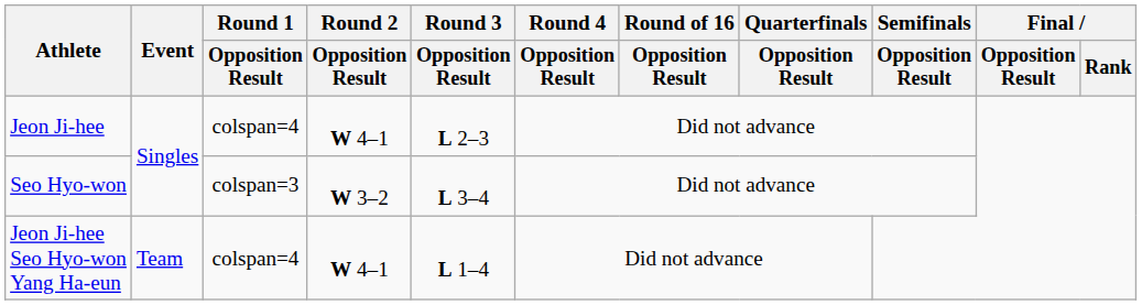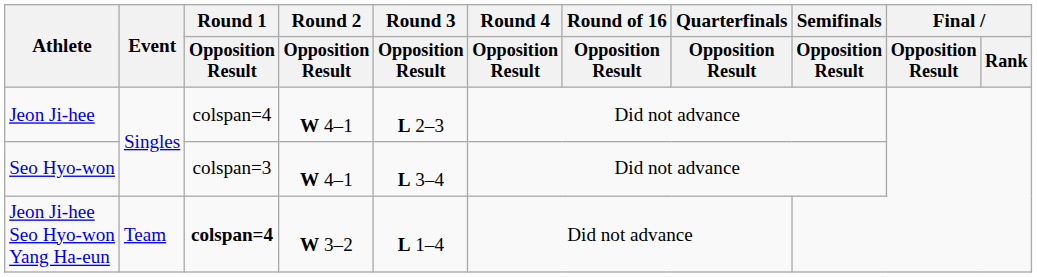 <table class="wikitable" style="font-size:90%;">
 <tr>
 <th rowspan=2>Athlete</th>
 <th rowspan=2>Event</th>
 <th>Round 1</th>
 <th>Round 2</th>
 <th>Round 3</th>
 <th>Round 4</th>
 <th>Round of 16</th>
 <th>Quarterfinals</th>
 <th>Semifinals</th>
 <th colspan=2>Final / </th>
 </tr>
 <tr style="font-size:95%">
 <th>Opposition<br>Result</th>
 <th>Opposition<br>Result</th>
 <th>Opposition<br>Result</th>
 <th>Opposition<br>Result</th>
 <th>Opposition<br>Result</th>
 <th>Opposition<br>Result</th>
 <th>Opposition<br>Result</th>
 <th>Opposition<br>Result</th>
 <th>Rank</th>
 </tr>
 <tr align=center>
 <td align=left><a href='#'>Jeon Ji-hee</a></td>
 <td align=left rowspan=2><a href='#'>Singles</a></td>
 <td>colspan=4 </td>
 <td><br><strong>W</strong> 4–1</td>
 <td><br><strong>L</strong> 2–3</td>
 <td colspan=4>Did not advance</td>
 </tr>
 <tr align=center>
 <td align=left><a href='#'>Seo Hyo-won</a></td>
 <td>colspan=3 </td>
-<td><br><strong>W</strong> 3–2</td>
+<td><br><strong>W</strong> 4–1</td>
 <td><br><strong>L</strong> 3–4</td>
 <td colspan=4>Did not advance</td>
 </tr>
 <tr align=center>
 <td align=left><a href='#'>Jeon Ji-hee</a><br><a href='#'>Seo Hyo-won</a><br><a href='#'>Yang Ha-eun</a></td>
 <td align=left><a href='#'>Team</a></td>
-<td>colspan=4 </td>
-<td><br><strong>W</strong> 4–1</td>
+<td><strong>colspan=4 </strong></td>
+<td><br><strong>W</strong> 3–2</td>
 <td><br><strong>L</strong> 1–4</td>
 <td colspan=3>Did not advance</td>
 </tr>
 </table>
